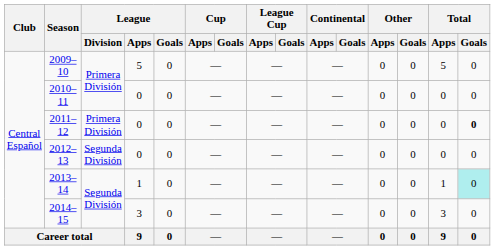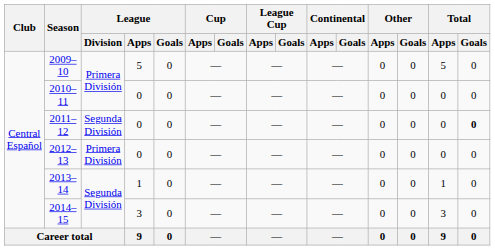 <table class="wikitable" style="text-align:center">
 <tr>
 <th rowspan="2">Club</th>
 <th rowspan="2">Season</th>
 <th colspan="3">League</th>
 <th colspan="2">Cup</th>
 <th colspan="2">League Cup</th>
 <th colspan="2">Continental</th>
 <th colspan="2">Other</th>
 <th colspan="2">Total</th>
 </tr>
 <tr>
 <th>Division</th>
 <th>Apps</th>
 <th>Goals</th>
 <th>Apps</th>
 <th>Goals</th>
 <th>Apps</th>
 <th>Goals</th>
 <th>Apps</th>
 <th>Goals</th>
 <th>Apps</th>
 <th>Goals</th>
 <th>Apps</th>
 <th>Goals</th>
 </tr>
 <tr>
 <td rowspan="6"><a href='#'>Central Español</a></td>
 <td><a href='#'>2009–10</a></td>
 <td rowspan="2"><a href='#'>Primera División</a></td>
 <td>5</td>
 <td>0</td>
 <td colspan="2">—</td>
 <td colspan="2">—</td>
 <td colspan="2">—</td>
 <td>0</td>
 <td>0</td>
 <td>5</td>
 <td>0</td>
 </tr>
 <tr>
 <td><a href='#'>2010–11</a></td>
 <td>0</td>
 <td>0</td>
 <td colspan="2">—</td>
 <td colspan="2">—</td>
 <td colspan="2">—</td>
 <td>0</td>
 <td>0</td>
 <td>0</td>
 <td>0</td>
 </tr>
 <tr>
 <td><a href='#'>2011–12</a></td>
-<td rowspan="1"><a href='#'>Primera División</a></td>
+<td rowspan="1"><a href='#'>Segunda División</a></td>
 <td>0</td>
 <td>0</td>
 <td colspan="2">—</td>
 <td colspan="2">—</td>
 <td colspan="2">—</td>
 <td>0</td>
 <td>0</td>
 <td>0</td>
 <td><strong>0</strong></td>
 </tr>
 <tr>
 <td><a href='#'>2012–13</a></td>
-<td rowspan="1"><a href='#'>Segunda División</a></td>
+<td rowspan="1"><a href='#'>Primera División</a></td>
 <td>0</td>
 <td>0</td>
 <td colspan="2">—</td>
 <td colspan="2">—</td>
 <td colspan="2">—</td>
 <td>0</td>
 <td>0</td>
 <td>0</td>
 <td>0</td>
 </tr>
 <tr>
 <td><a href='#'>2013–14</a></td>
 <td rowspan="2"><a href='#'>Segunda División</a></td>
 <td>1</td>
 <td>0</td>
 <td colspan="2">—</td>
 <td colspan="2">—</td>
 <td colspan="2">—</td>
 <td>0</td>
 <td>0</td>
 <td>1</td>
-<td style="background: paleturquoise;">0</td>
+<td>0</td>
 </tr>
 <tr>
 <td><a href='#'>2014–15</a></td>
 <td>3</td>
 <td>0</td>
 <td colspan="2">—</td>
 <td colspan="2">—</td>
 <td colspan="2">—</td>
 <td>0</td>
 <td>0</td>
 <td>3</td>
 <td>0</td>
 </tr>
 <tr>
 <th colspan="3">Career total</th>
 <th>9</th>
 <th>0</th>
 <th colspan="2">—</th>
 <th colspan="2">—</th>
 <th colspan="2">—</th>
 <th>0</th>
 <th>0</th>
 <th>9</th>
 <th>0</th>
 </tr>
 </table>
